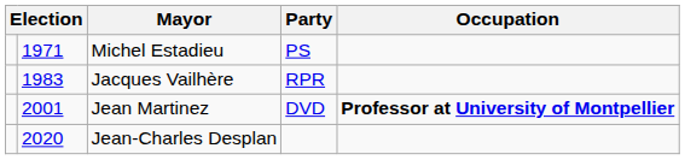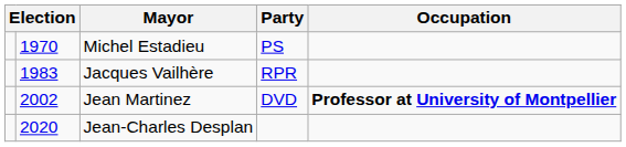 <table class="wikitable">
 <tr>
 <th colspan="2">Election</th>
 <th>Mayor</th>
 <th>Party</th>
 <th>Occupation</th>
 </tr>
 <tr>
 <td style="background-color: "></td>
-<td><a href='#'>1971</a></td>
+<td><a href='#'>1970</a></td>
 <td>Michel Estadieu</td>
 <td><a href='#'>PS</a></td>
 <td></td>
 </tr>
 <tr>
 <td style="background-color: "></td>
 <td><a href='#'>1983</a></td>
 <td>Jacques Vailhère</td>
 <td><a href='#'>RPR</a></td>
 <td></td>
 </tr>
 <tr>
 <td style="background-color: "></td>
-<td><a href='#'>2001</a></td>
+<td><a href='#'>2002</a></td>
 <td>Jean Martinez</td>
 <td><a href='#'>DVD</a></td>
 <td><strong>Professor at <a href='#'>University of Montpellier</a></strong></td>
 </tr>
 <tr>
 <td></td>
 <td><a href='#'>2020</a></td>
 <td>Jean-Charles Desplan</td>
 <td></td>
 <td></td>
 </tr>
 </table>
